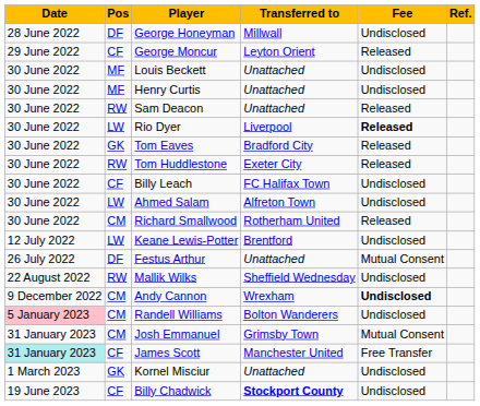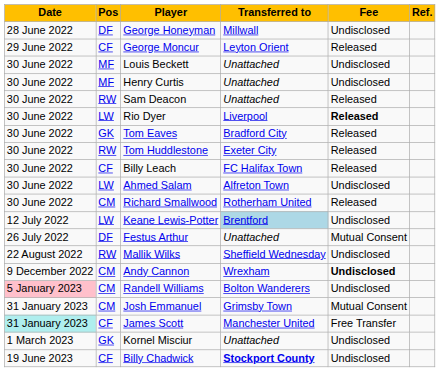 <table class="wikitable plainrowheaders sortable">
 <tr>
 <th style="background:#ffbf00; color:#000000; ">Date</th>
 <th style="background:#ffbf00; color:#000000; ">Pos</th>
 <th style="background:#ffbf00; color:#000000; ">Player</th>
 <th style="background:#ffbf00; color:#000000; ">Transferred to</th>
 <th style="background:#ffbf00; color:#000000; ">Fee</th>
 <th style="background:#ffbf00; color:#000000; ">Ref.</th>
 </tr>
 <tr>
 <td>28 June 2022</td>
 <td><a href='#'>DF</a></td>
 <td> <a href='#'>George Honeyman</a></td>
 <td> <a href='#'>Millwall</a></td>
 <td>Undisclosed</td>
 <td></td>
 </tr>
 <tr>
 <td>29 June 2022</td>
 <td><a href='#'>CF</a></td>
 <td> <a href='#'>George Moncur</a></td>
 <td> <a href='#'>Leyton Orient</a></td>
 <td>Released</td>
 <td></td>
 </tr>
 <tr>
 <td>30 June 2022</td>
 <td><a href='#'>MF</a></td>
 <td> Louis Beckett</td>
 <td> <em>Unattached</em></td>
 <td>Undisclosed</td>
 <td></td>
 </tr>
 <tr>
 <td>30 June 2022</td>
 <td><a href='#'>MF</a></td>
 <td> Henry Curtis</td>
 <td> <em>Unattached</em></td>
 <td>Undisclosed</td>
 <td></td>
 </tr>
 <tr>
 <td>30 June 2022</td>
 <td><a href='#'>RW</a></td>
 <td> Sam Deacon</td>
 <td> <em>Unattached</em></td>
 <td>Released</td>
 <td></td>
 </tr>
 <tr>
 <td>30 June 2022</td>
 <td><a href='#'>LW</a></td>
 <td> Rio Dyer</td>
 <td> <a href='#'>Liverpool</a></td>
 <td><strong>Released</strong></td>
 <td></td>
 </tr>
 <tr>
 <td>30 June 2022</td>
 <td><a href='#'>GK</a></td>
 <td> <a href='#'>Tom Eaves</a></td>
 <td> <a href='#'>Bradford City</a></td>
 <td>Released</td>
 <td></td>
 </tr>
 <tr>
 <td>30 June 2022</td>
 <td><a href='#'>RW</a></td>
 <td> <a href='#'>Tom Huddlestone</a></td>
 <td> <a href='#'>Exeter City</a></td>
 <td>Released</td>
 <td></td>
 </tr>
 <tr>
 <td>30 June 2022</td>
 <td><a href='#'>CF</a></td>
 <td> Billy Leach</td>
 <td> <a href='#'>FC Halifax Town</a></td>
-<td>Undisclosed</td>
+<td>Released</td>
 <td></td>
 </tr>
 <tr>
 <td>30 June 2022</td>
 <td><a href='#'>LW</a></td>
 <td> <a href='#'>Ahmed Salam</a></td>
 <td> <a href='#'>Alfreton Town</a></td>
 <td>Undisclosed</td>
 <td></td>
 </tr>
 <tr>
 <td>30 June 2022</td>
 <td><a href='#'>CM</a></td>
 <td> <a href='#'>Richard Smallwood</a></td>
 <td> <a href='#'>Rotherham United</a></td>
 <td>Released</td>
 <td></td>
 </tr>
 <tr>
 <td>12 July 2022</td>
 <td><a href='#'>LW</a></td>
 <td> <a href='#'>Keane Lewis-Potter</a></td>
-<td> <a href='#'>Brentford</a></td>
+<td style="background: lightblue;"> <a href='#'>Brentford</a></td>
 <td>Undisclosed</td>
 <td></td>
 </tr>
 <tr>
 <td>26 July 2022</td>
 <td><a href='#'>DF</a></td>
 <td> <a href='#'>Festus Arthur</a></td>
 <td> <em>Unattached</em></td>
 <td>Mutual Consent</td>
 <td></td>
 </tr>
 <tr>
 <td>22 August 2022</td>
 <td><a href='#'>RW</a></td>
 <td> <a href='#'>Mallik Wilks</a></td>
 <td> <a href='#'>Sheffield Wednesday</a></td>
 <td>Undisclosed</td>
 <td></td>
 </tr>
 <tr>
 <td>9 December 2022</td>
 <td><a href='#'>CM</a></td>
 <td> <a href='#'>Andy Cannon</a></td>
 <td> <a href='#'>Wrexham</a></td>
 <td><strong>Undisclosed</strong></td>
 <td></td>
 </tr>
 <tr>
 <td style="background: pink;">5 January 2023</td>
 <td><a href='#'>CM</a></td>
 <td> <a href='#'>Randell Williams</a></td>
 <td> <a href='#'>Bolton Wanderers</a></td>
 <td>Undisclosed</td>
 <td></td>
 </tr>
 <tr>
 <td>31 January 2023</td>
 <td><a href='#'>CM</a></td>
 <td> <a href='#'>Josh Emmanuel</a></td>
 <td> <a href='#'>Grimsby Town</a></td>
 <td>Mutual Consent</td>
 <td></td>
 </tr>
 <tr>
 <td style="background: paleturquoise;">31 January 2023</td>
 <td><a href='#'>CF</a></td>
 <td> <a href='#'>James Scott</a></td>
 <td> <a href='#'>Manchester United</a></td>
 <td>Free Transfer</td>
 <td></td>
 </tr>
 <tr>
 <td>1 March 2023</td>
 <td><a href='#'>GK</a></td>
 <td>  Kornel Misciur</td>
 <td> <em>Unattached</em></td>
 <td>Undisclosed</td>
 <td></td>
 </tr>
 <tr>
 <td>19 June 2023</td>
 <td><a href='#'>CF</a></td>
 <td> <a href='#'>Billy Chadwick</a></td>
 <td><strong> <a href='#'>Stockport County</a></strong></td>
 <td>Undisclosed</td>
 <td></td>
 </tr>
 </table>
